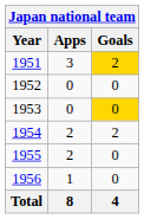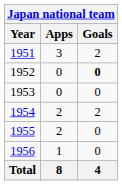 <table class="wikitable" style="text-align:center">
 <tr>
 <th colspan=3><a href='#'>Japan national team</a></th>
 </tr>
 <tr>
 <th>Year</th>
 <th>Apps</th>
 <th>Goals</th>
 </tr>
 <tr>
 <td><a href='#'>1951</a></td>
 <td>3</td>
-<td style="background: gold;">2</td>
+<td>2</td>
 </tr>
 <tr>
 <td>1952</td>
 <td>0</td>
-<td>0</td>
+<td><strong>0</strong></td>
 </tr>
 <tr>
 <td>1953</td>
 <td>0</td>
-<td style="background: gold;">0</td>
+<td>0</td>
 </tr>
 <tr>
 <td><a href='#'>1954</a></td>
 <td>2</td>
 <td>2</td>
 </tr>
 <tr>
 <td><a href='#'>1955</a></td>
 <td>2</td>
 <td>0</td>
 </tr>
 <tr>
 <td><a href='#'>1956</a></td>
 <td>1</td>
 <td>0</td>
 </tr>
 <tr>
 <th>Total</th>
 <th>8</th>
 <th>4</th>
 </tr>
 </table>
